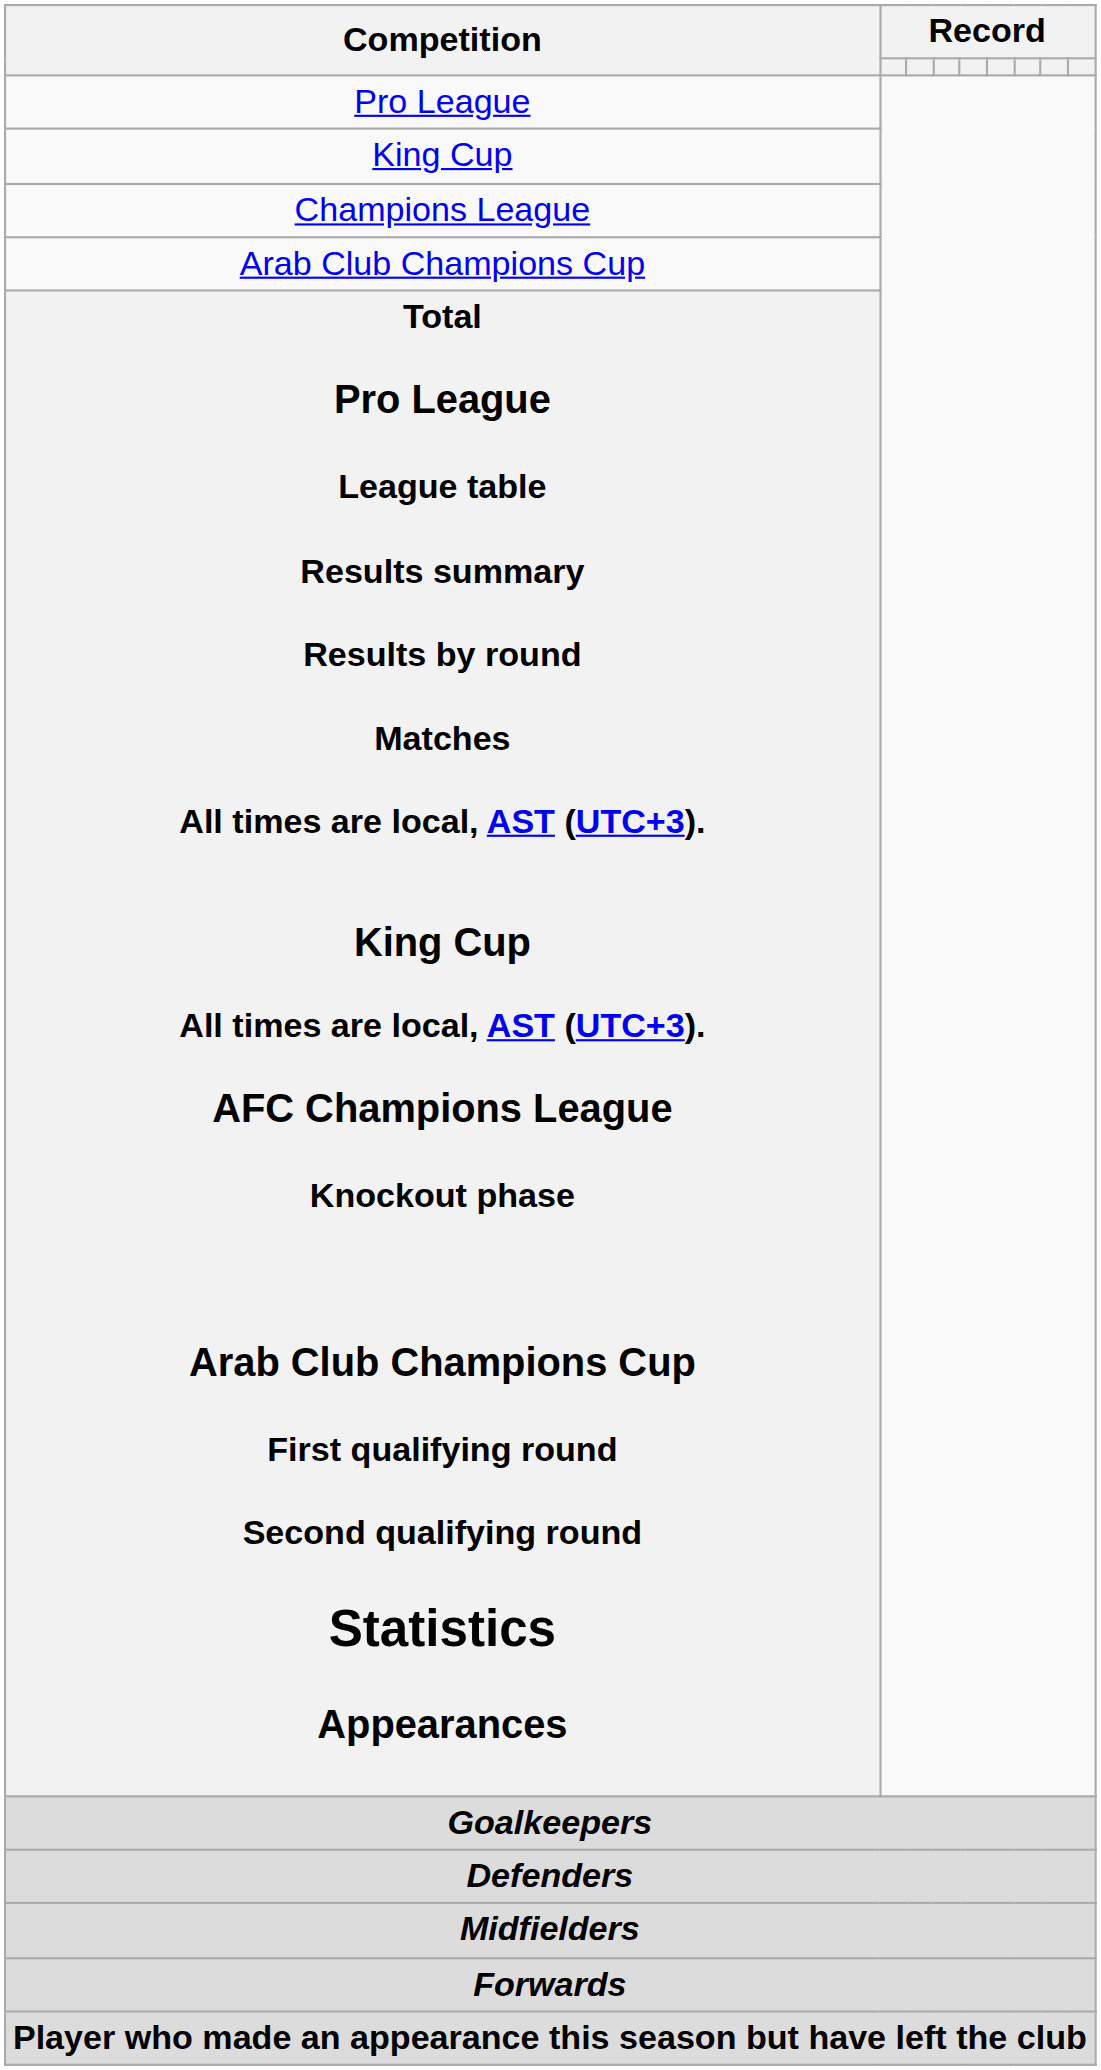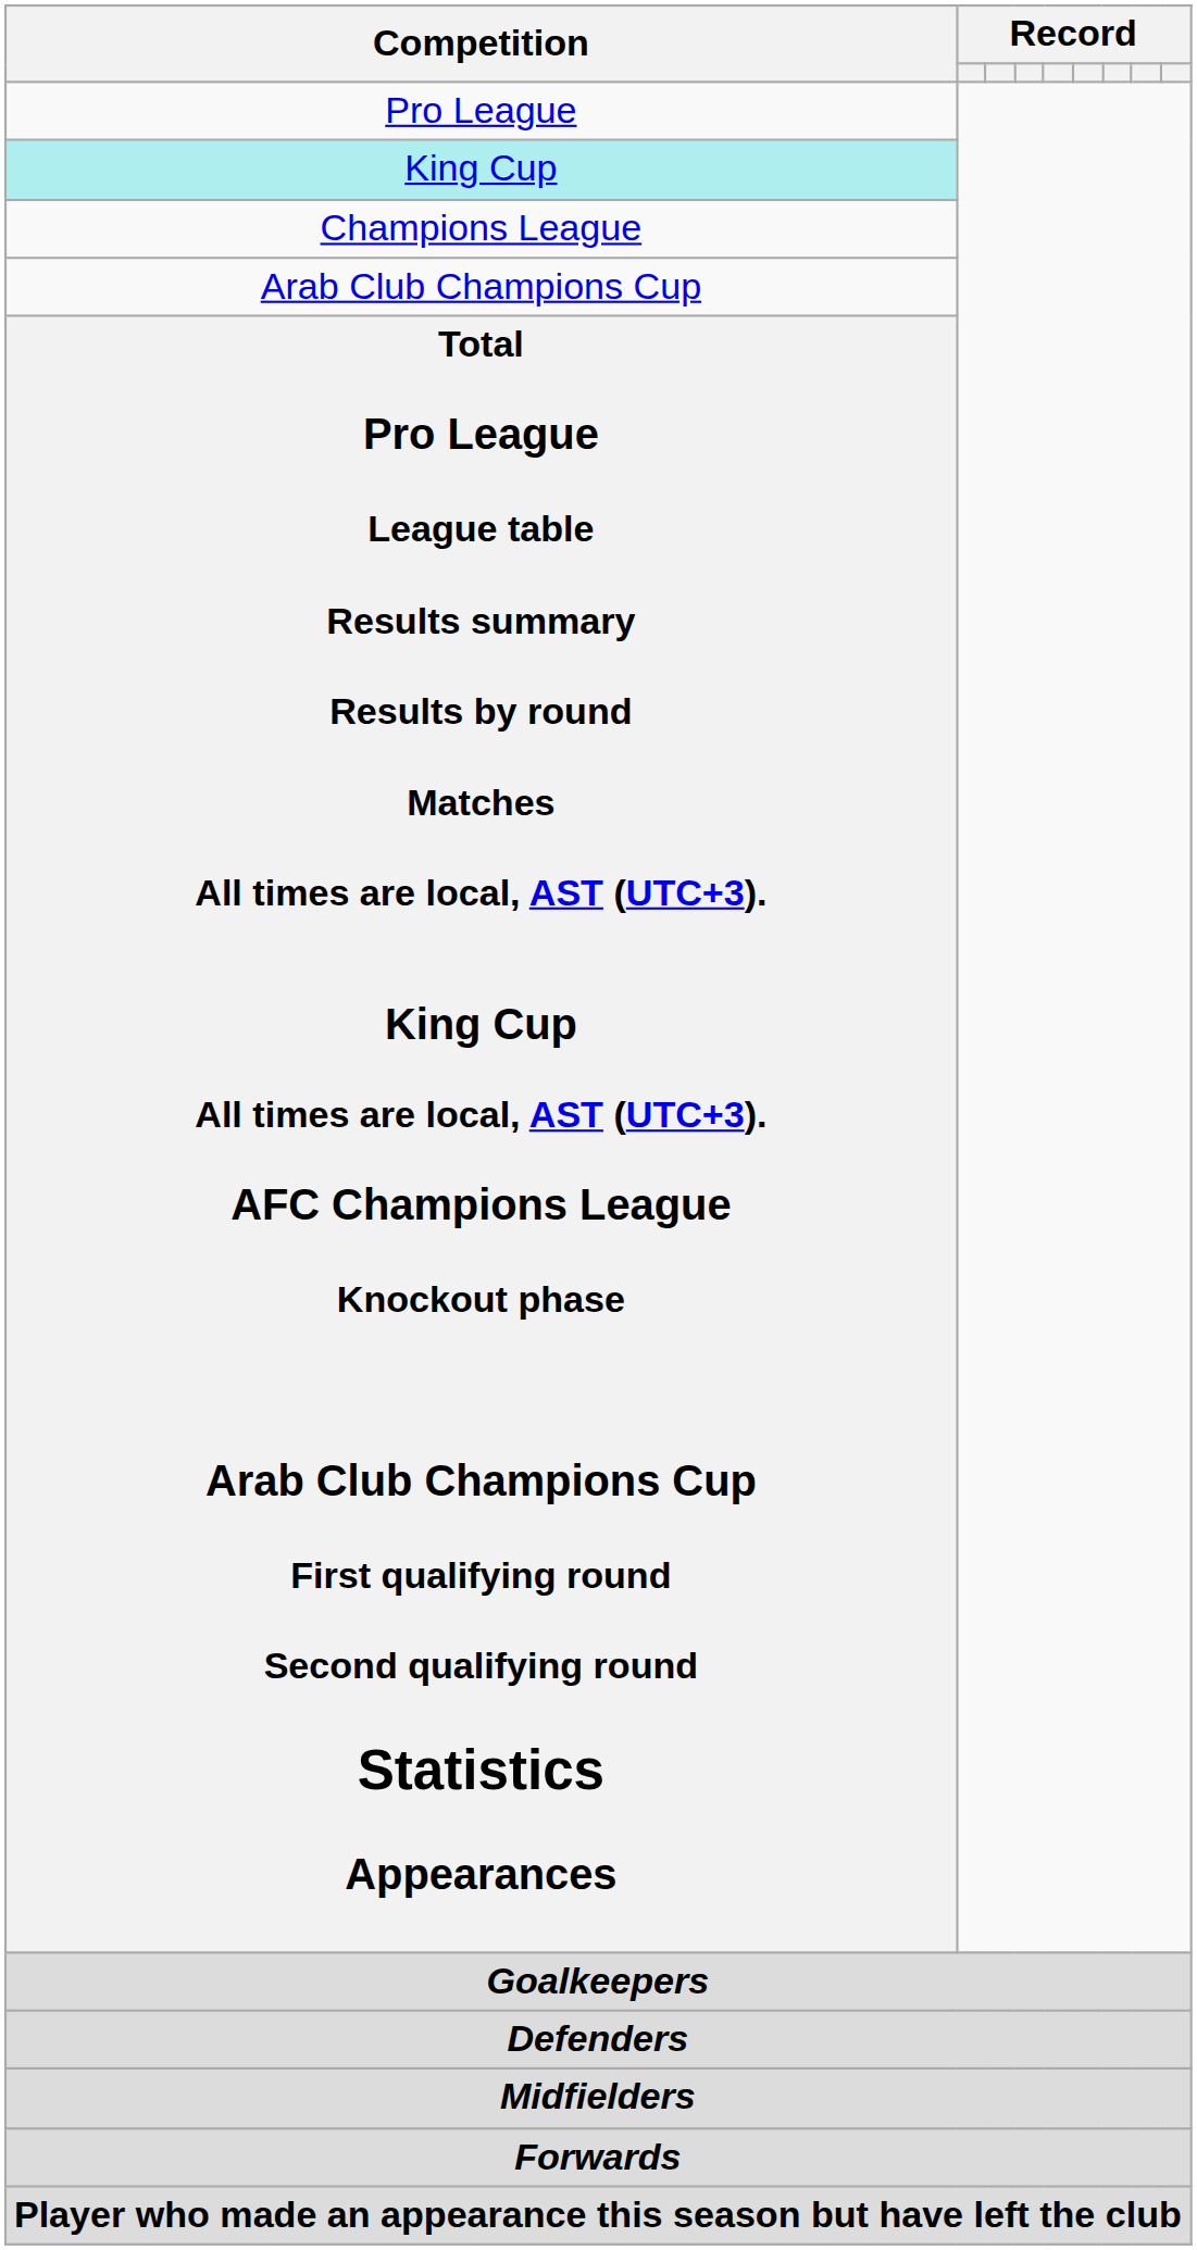 <table class="wikitable" style="text-align: center">
 <tr>
 <th rowspan=2>Competition</th>
 <th colspan=8>Record</th>
 </tr>
 <tr>
 <th></th>
 <th></th>
 <th></th>
 <th></th>
 <th></th>
 <th></th>
 <th></th>
 <th></th>
 </tr>
 <tr>
 <td><a href='#'>Pro League</a><br></td>
 </tr>
 <tr>
-<td><a href='#'>King Cup</a><br></td>
+<td style="background: paleturquoise;"><a href='#'>King Cup</a><br></td>
 </tr>
 <tr>
 <td><a href='#'>Champions League</a><br></td>
 </tr>
 <tr>
 <td><a href='#'>Arab Club Champions Cup</a><br></td>
 </tr>
 <tr>
 <th>Total<br> <h3>Pro League</h3><h4>League table</h4><h4>Results summary</h4> <h4>Results by round</h4><h4>Matches</h4>All times are local, <a href='#'>AST</a> (<a href='#'>UTC+3</a>).<br>   <br>                             <h3>King Cup</h3> All times are local, <a href='#'>AST</a> (<a href='#'>UTC+3</a>).<br><h3>AFC Champions League</h3><h4>Knockout phase</h4><br> <h3>Arab Club Champions Cup</h3><h4>First qualifying round</h4> <h4>Second qualifying round</h4> <h2>Statistics</h2><h3>Appearances</h3></th>
 </tr>
 <tr>
 <th colspan=14 style=background:#dcdcdc; text-align:center><em>Goalkeepers</em><br>   </th>
 </tr>
 <tr>
 <th colspan=14 style=background:#dcdcdc; text-align:center><em>Defenders</em><br>        </th>
 </tr>
 <tr>
 <th colspan=14 style=background:#dcdcdc; text-align:center><em>Midfielders</em><br>         </th>
 </tr>
 <tr>
 <th colspan=14 style=background:#dcdcdc; text-align:center><em>Forwards</em><br>     </th>
 </tr>
 <tr>
 <th colspan=18 style=background:#dcdcdc; text-align:center>Player who made an appearance this season but have left the club<br> </th>
 </tr>
 </table>
